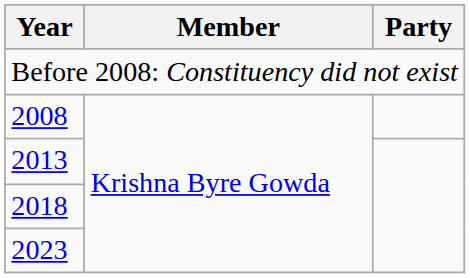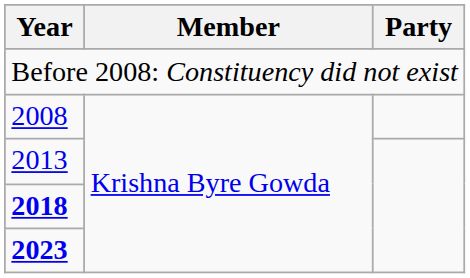 <table class="wikitable sortable">
 <tr>
 <th>Year</th>
 <th>Member</th>
 <th colspan=2>Party</th>
 </tr>
 <tr>
 <td colspan=4>Before 2008: <em>Constituency did not exist</em></td>
 </tr>
 <tr>
 <td><a href='#'>2008</a></td>
 <td rowspan="4"><a href='#'>Krishna Byre Gowda</a></td>
 <td></td>
 </tr>
 <tr>
 <td><a href='#'>2013</a></td>
 </tr>
 <tr>
-<td><a href='#'>2018</a></td>
+<td><strong><a href='#'>2018</a></strong></td>
 </tr>
 <tr>
-<td><a href='#'>2023</a></td>
+<td><strong><a href='#'>2023</a></strong></td>
 </tr>
 </table>
